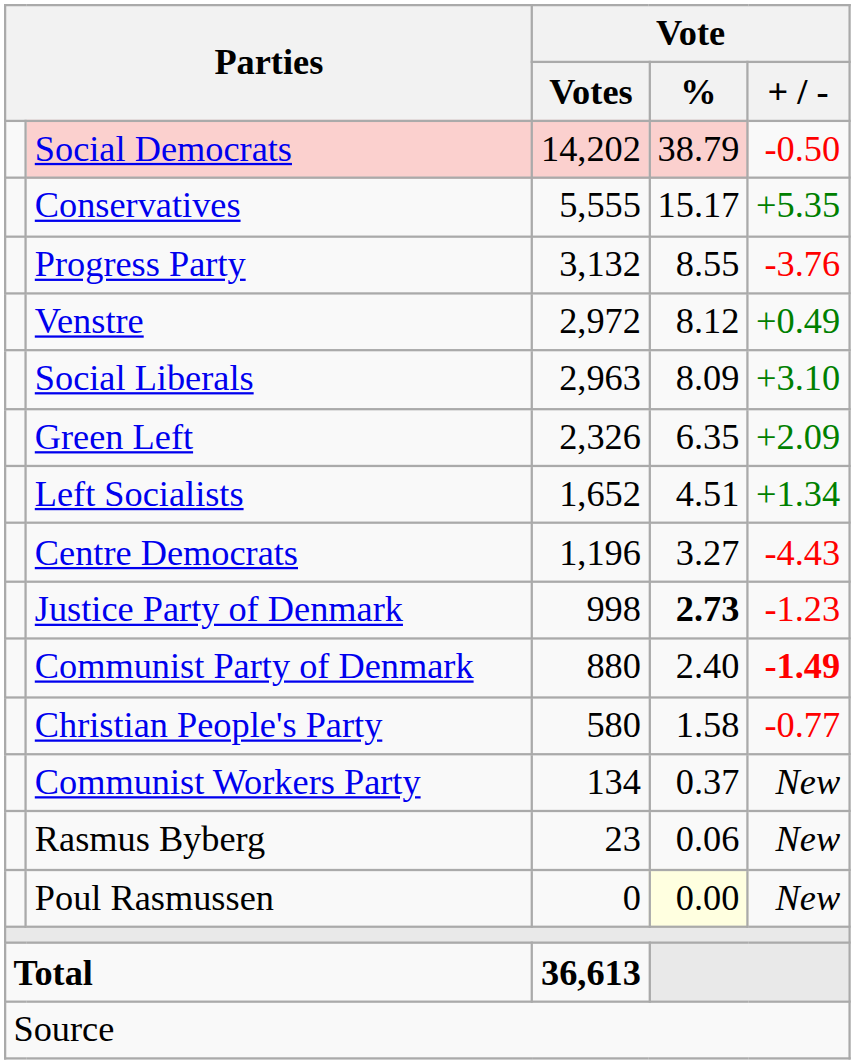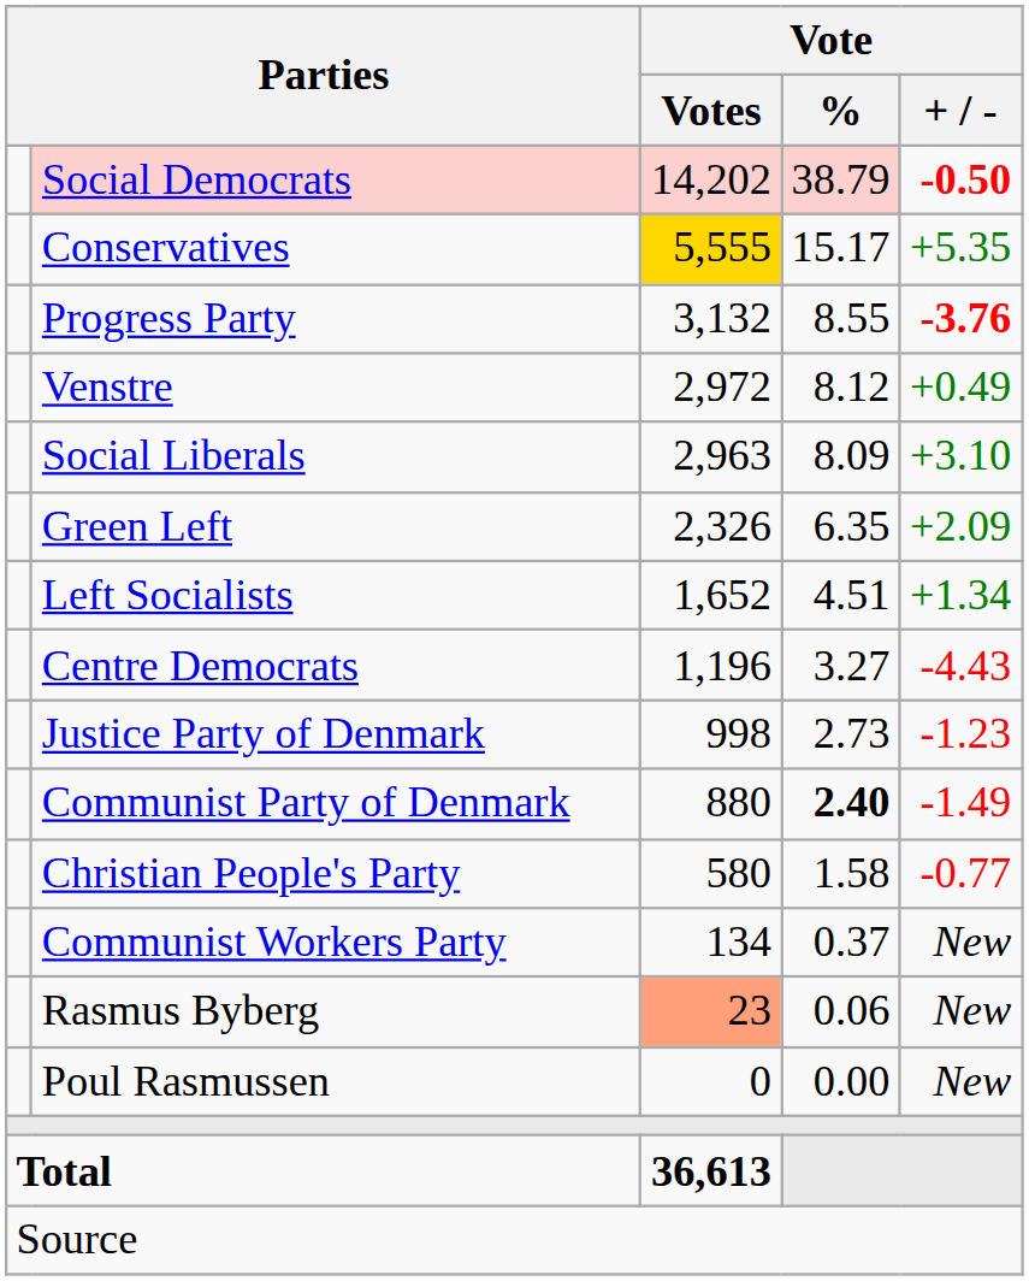 <table class="wikitable" style="text-align:right;">
 <tr>
 <th style="text-align:centre;" rowspan="2" colspan="2" width="225">Parties</th>
 <th colspan="3">Vote</th>
 </tr>
 <tr>
 <th width="15">Votes</th>
 <th width="15">%</th>
 <th width="15">+ / -</th>
 </tr>
 <tr>
 <td width="2" style="color:inherit;background:"></td>
 <td bgcolor=#fbd0ce  align="left"><a href='#'>Social Democrats</a></td>
 <td bgcolor=#fbd0ce>14,202</td>
 <td bgcolor=#fbd0ce>38.79</td>
-<td style=color:red;>-0.50</td>
+<td style=color:red;><strong>-0.50</strong></td>
 </tr>
 <tr>
 <td width="2" style="color:inherit;background:"></td>
 <td align="left"><a href='#'>Conservatives</a></td>
-<td>5,555</td>
+<td style="background: gold;">5,555</td>
 <td>15.17</td>
 <td style=color:green;>+5.35</td>
 </tr>
 <tr>
 <td width="2" style="color:inherit;background:"></td>
 <td align="left"><a href='#'>Progress Party</a></td>
 <td>3,132</td>
 <td>8.55</td>
-<td style=color:red;>-3.76</td>
+<td style=color:red;><strong>-3.76</strong></td>
 </tr>
 <tr>
 <td width="2" style="color:inherit;background:"></td>
 <td align="left"><a href='#'>Venstre</a></td>
 <td>2,972</td>
 <td>8.12</td>
 <td style=color:green;>+0.49</td>
 </tr>
 <tr>
 <td width="2" style="color:inherit;background:"></td>
 <td align="left"><a href='#'>Social Liberals</a></td>
 <td>2,963</td>
 <td>8.09</td>
 <td style=color:green;>+3.10</td>
 </tr>
 <tr>
 <td width="2" style="color:inherit;background:"></td>
 <td align="left"><a href='#'>Green Left</a></td>
 <td>2,326</td>
 <td>6.35</td>
 <td style=color:green;>+2.09</td>
 </tr>
 <tr>
 <td width="2" style="color:inherit;background:"></td>
 <td align="left"><a href='#'>Left Socialists</a></td>
 <td>1,652</td>
 <td>4.51</td>
 <td style=color:green;>+1.34</td>
 </tr>
 <tr>
 <td width="2" style="color:inherit;background:"></td>
 <td align="left"><a href='#'>Centre Democrats</a></td>
 <td>1,196</td>
 <td>3.27</td>
 <td style=color:red;>-4.43</td>
 </tr>
 <tr>
 <td width="2" style="color:inherit;background:"></td>
 <td align="left"><a href='#'>Justice Party of Denmark</a></td>
 <td>998</td>
-<td><strong>2.73</strong></td>
+<td>2.73</td>
 <td style=color:red;>-1.23</td>
 </tr>
 <tr>
 <td width="2" style="color:inherit;background:"></td>
 <td align="left"><a href='#'>Communist Party of Denmark</a></td>
 <td>880</td>
-<td>2.40</td>
-<td style=color:red;><strong>-1.49</strong></td>
+<td><strong>2.40</strong></td>
+<td style=color:red;>-1.49</td>
 </tr>
 <tr>
 <td width="2" style="color:inherit;background:"></td>
 <td align="left"><a href='#'>Christian People's Party</a></td>
 <td>580</td>
 <td>1.58</td>
 <td style=color:red;>-0.77</td>
 </tr>
 <tr>
 <td width="2" style="color:inherit;background:"></td>
 <td align="left"><a href='#'>Communist Workers Party</a></td>
 <td>134</td>
 <td>0.37</td>
 <td><em>New</em></td>
 </tr>
 <tr>
 <td width="2" style="color:inherit;background:"></td>
 <td align="left">Rasmus Byberg</td>
-<td>23</td>
+<td style="background: lightsalmon;">23</td>
 <td>0.06</td>
 <td><em>New</em></td>
 </tr>
 <tr>
 <td width="2" style="color:inherit;background:"></td>
 <td align="left">Poul Rasmussen</td>
 <td>0</td>
-<td style="background: lightyellow;">0.00</td>
+<td>0.00</td>
 <td><em>New</em></td>
 </tr>
 <tr>
 <td colspan="7" bgcolor="#E9E9E9"></td>
 </tr>
 <tr>
 <td align="left" colspan="2"><strong>Total</strong></td>
 <td><strong>36,613</strong></td>
 <td bgcolor="#E9E9E9" colspan="2"></td>
 </tr>
 <tr>
 <td align="left" colspan="6">Source</td>
 </tr>
 </table>
